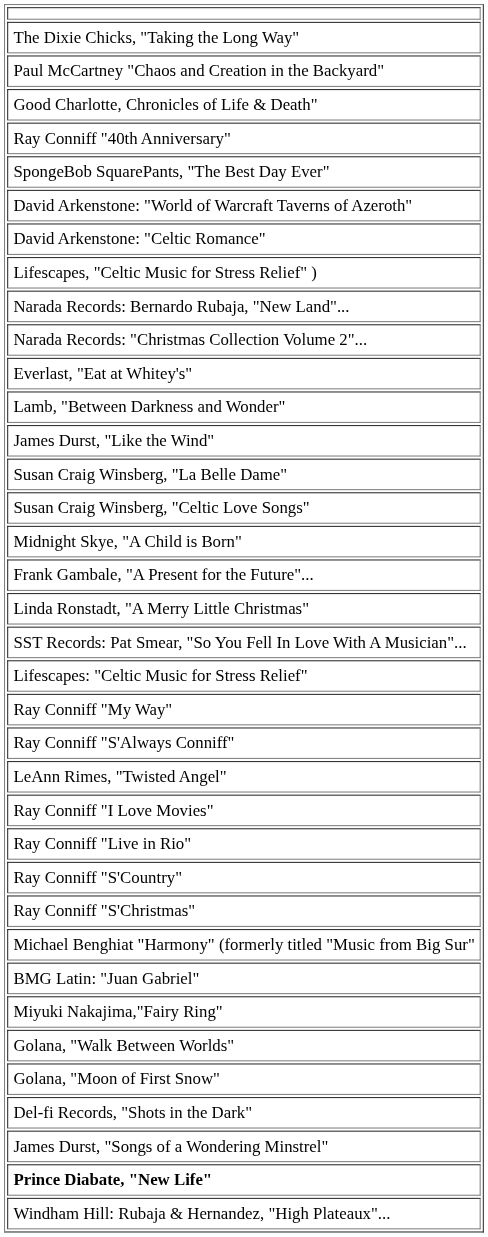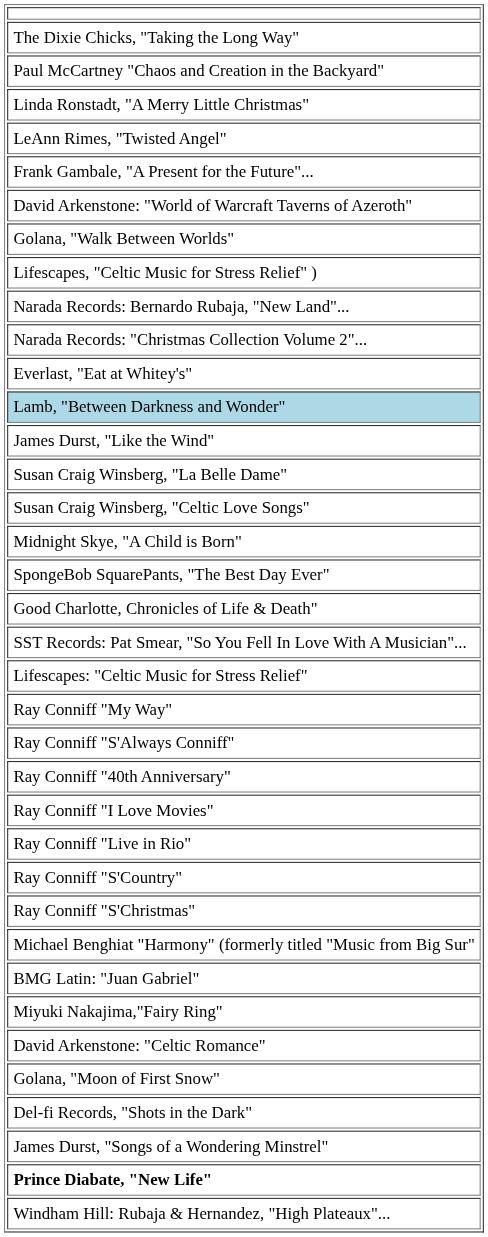 <table border="1" cellpadding="5" colspan="2">
 <tr>
 <th></th>
 </tr>
 <tr>
 <td>The Dixie Chicks, "Taking the Long Way"</td>
 </tr>
 <tr>
 <td>Paul McCartney "Chaos and Creation in the Backyard"</td>
 </tr>
 <tr>
-<td>Good Charlotte, Chronicles of Life & Death"</td>
+<td>Linda Ronstadt, "A Merry Little Christmas"</td>
 </tr>
 <tr>
-<td>Ray Conniff "40th Anniversary"</td>
+<td>LeAnn Rimes, "Twisted Angel"</td>
 </tr>
 <tr>
-<td>SpongeBob SquarePants, "The Best Day Ever"</td>
+<td>Frank Gambale, "A Present for the Future"...</td>
 </tr>
 <tr>
 <td>David Arkenstone: "World of Warcraft Taverns of Azeroth"</td>
 </tr>
 <tr>
-<td>David Arkenstone: "Celtic Romance"</td>
+<td>Golana, "Walk Between Worlds"</td>
 </tr>
 <tr>
 <td>Lifescapes, "Celtic Music for Stress Relief" )</td>
 </tr>
 <tr>
 <td>Narada Records: Bernardo Rubaja, "New Land"...</td>
 </tr>
 <tr>
 <td>Narada Records: "Christmas Collection Volume 2"...</td>
 </tr>
 <tr>
 <td>Everlast, "Eat at Whitey's"</td>
 </tr>
 <tr>
-<td>Lamb, "Between Darkness and Wonder"</td>
+<td style="background: lightblue;">Lamb, "Between Darkness and Wonder"</td>
 </tr>
 <tr>
 <td>James Durst, "Like the Wind"</td>
 </tr>
 <tr>
 <td>Susan Craig Winsberg, "La Belle Dame"</td>
 </tr>
 <tr>
 <td>Susan Craig Winsberg, "Celtic Love Songs"</td>
 </tr>
 <tr>
 <td>Midnight Skye, "A Child is Born"</td>
 </tr>
 <tr>
-<td>Frank Gambale, "A Present for the Future"...</td>
+<td>SpongeBob SquarePants, "The Best Day Ever"</td>
 </tr>
 <tr>
-<td>Linda Ronstadt, "A Merry Little Christmas"</td>
+<td>Good Charlotte, Chronicles of Life & Death"</td>
 </tr>
 <tr>
 <td>SST Records: Pat Smear, "So You Fell In Love With A Musician"...</td>
 </tr>
 <tr>
 <td>Lifescapes: "Celtic Music for Stress Relief"</td>
 </tr>
 <tr>
 <td>Ray Conniff "My Way"</td>
 </tr>
 <tr>
 <td>Ray Conniff "S'Always Conniff"</td>
 </tr>
 <tr>
-<td>LeAnn Rimes, "Twisted Angel"</td>
+<td>Ray Conniff "40th Anniversary"</td>
 </tr>
 <tr>
 <td>Ray Conniff "I Love Movies"</td>
 </tr>
 <tr>
 <td>Ray Conniff "Live in Rio"</td>
 </tr>
 <tr>
 <td>Ray Conniff "S'Country"</td>
 </tr>
 <tr>
 <td>Ray Conniff "S'Christmas"</td>
 </tr>
 <tr>
 <td>Michael Benghiat "Harmony" (formerly titled "Music from Big Sur"</td>
 </tr>
 <tr>
 <td>BMG Latin: "Juan Gabriel"</td>
 </tr>
 <tr>
 <td>Miyuki Nakajima,"Fairy Ring"</td>
 </tr>
 <tr>
-<td>Golana, "Walk Between Worlds"</td>
+<td>David Arkenstone: "Celtic Romance"</td>
 </tr>
 <tr>
 <td>Golana, "Moon of First Snow"</td>
 </tr>
 <tr>
 <td>Del-fi Records, "Shots in the Dark"</td>
 </tr>
 <tr>
 <td>James Durst, "Songs of a Wondering Minstrel"</td>
 </tr>
 <tr>
 <td><strong>Prince Diabate, "New Life"</strong></td>
 </tr>
 <tr>
 <td>Windham Hill: Rubaja & Hernandez, "High Plateaux"...</td>
 </tr>
 </table>
